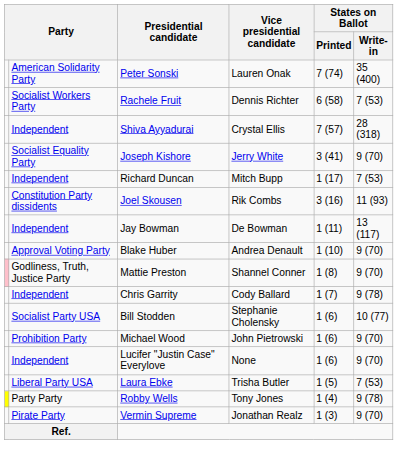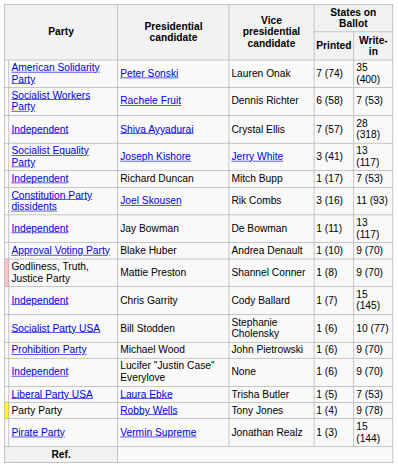 <table class="wikitable">
 <tr>
 <th colspan=2 rowspan=2>Party</th>
 <th rowspan=2>Presidential<br>candidate</th>
 <th rowspan=2>Vice presidential<br>candidate</th>
 <th colspan=3>States on Ballot <em></em></th>
 </tr>
 <tr>
 <th>Printed</th>
 <th>Write-in</th>
 </tr>
 <tr>
 <td style="background:"></td>
 <td><a href='#'>American Solidarity Party</a></td>
 <td><a href='#'>Peter Sonski</a></td>
 <td>Lauren Onak</td>
 <td>7 (74)</td>
 <td>35 (400)</td>
 </tr>
 <tr>
 <td style="background:"></td>
 <td><a href='#'>Socialist Workers Party</a></td>
 <td><a href='#'>Rachele Fruit</a></td>
 <td>Dennis Richter</td>
 <td>6 (58)</td>
 <td>7 (53)</td>
 </tr>
 <tr>
 <td style="background:"></td>
 <td><a href='#'>Independent</a></td>
 <td><a href='#'>Shiva Ayyadurai</a></td>
 <td>Crystal Ellis</td>
 <td>7 (57)</td>
 <td>28 (318)</td>
 </tr>
 <tr>
 <td style="background:"></td>
 <td><a href='#'>Socialist Equality Party</a></td>
 <td><a href='#'>Joseph Kishore</a></td>
 <td><a href='#'>Jerry White</a></td>
 <td>3 (41)</td>
-<td>9 (70)</td>
+<td>13 (117)</td>
 </tr>
 <tr>
 <td style="background:"></td>
 <td><a href='#'>Independent</a></td>
 <td>Richard Duncan</td>
 <td>Mitch Bupp</td>
 <td>1 (17)</td>
 <td>7 (53)</td>
 </tr>
 <tr>
 <td style="background:"></td>
 <td><a href='#'>Constitution Party dissidents</a></td>
 <td><a href='#'>Joel Skousen</a></td>
 <td>Rik Combs</td>
 <td>3 (16)</td>
 <td>11 (93)</td>
 </tr>
 <tr>
 <td style="background:"></td>
 <td><a href='#'>Independent</a></td>
 <td>Jay Bowman</td>
 <td>De Bowman</td>
 <td>1 (11)</td>
 <td>13 (117)</td>
 </tr>
 <tr>
 <td style="background:"></td>
 <td><a href='#'>Approval Voting Party</a></td>
 <td>Blake Huber</td>
 <td>Andrea Denault</td>
 <td>1 (10)</td>
 <td>9 (70)</td>
 </tr>
 <tr>
 <td style="background:pink"></td>
 <td>Godliness, Truth, Justice Party</td>
 <td>Mattie Preston</td>
 <td>Shannel Conner</td>
 <td>1 (8)</td>
 <td>9 (70)</td>
 </tr>
 <tr>
 <td style="background:"></td>
 <td><a href='#'>Independent</a></td>
 <td>Chris Garrity</td>
 <td>Cody Ballard</td>
 <td>1 (7)</td>
-<td>9 (78)</td>
+<td>15 (145)</td>
 </tr>
 <tr>
 <td style="background:"></td>
 <td><a href='#'>Socialist Party USA</a></td>
 <td>Bill Stodden</td>
 <td>Stephanie Cholensky</td>
 <td>1 (6)</td>
 <td>10 (77)</td>
 </tr>
 <tr>
 <td style="background:"></td>
 <td><a href='#'>Prohibition Party</a></td>
 <td>Michael Wood</td>
 <td>John Pietrowski</td>
 <td>1 (6)</td>
 <td>9 (70)</td>
 </tr>
 <tr>
 <td style="background:"></td>
 <td><a href='#'>Independent</a></td>
 <td>Lucifer "Justin Case" Everylove</td>
 <td>None</td>
 <td>1 (6)</td>
 <td>9 (70)</td>
 </tr>
 <tr>
 <td style="background:"></td>
 <td><a href='#'>Liberal Party USA</a></td>
 <td><a href='#'>Laura Ebke</a></td>
 <td>Trisha Butler</td>
 <td>1 (5)</td>
 <td>7 (53)</td>
 </tr>
 <tr>
 <td style="background:yellow"></td>
 <td>Party Party</td>
 <td><a href='#'>Robby Wells</a></td>
 <td>Tony Jones</td>
 <td>1 (4)</td>
 <td>9 (78)</td>
 </tr>
 <tr>
 <td style="background:"></td>
 <td><a href='#'>Pirate Party</a></td>
 <td><a href='#'>Vermin Supreme</a></td>
 <td>Jonathan Realz</td>
 <td>1 (3)</td>
-<td>9 (70)</td>
+<td>15 (144)</td>
 </tr>
 <tr>
 <th colspan=2>Ref.</th>
 <td style="text-align:center" colspan=13></td>
 </tr>
 </table>
